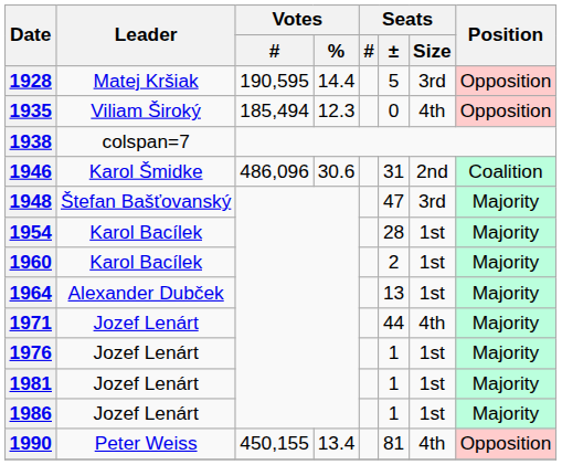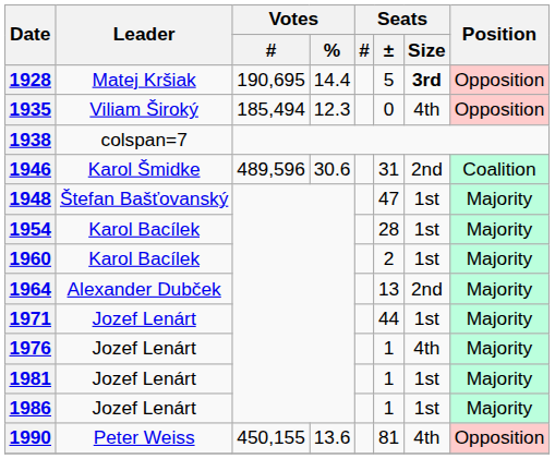 <table class="wikitable" style=text-align:center>
 <tr>
 <th rowspan="2">Date</th>
 <th rowspan="2">Leader</th>
 <th colspan="2">Votes</th>
 <th colspan="3">Seats</th>
 <th rowspan="2">Position</th>
 </tr>
 <tr>
 <th>#</th>
 <th>%</th>
 <th>#</th>
 <th>±</th>
 <th>Size</th>
 </tr>
 <tr>
 <th><a href='#'>1928</a></th>
 <td><a href='#'>Matej Kršiak</a></td>
-<td>190,595</td>
+<td>190,695</td>
 <td>14.4</td>
 <td></td>
 <td> 5</td>
-<td>3rd</td>
+<td><strong>3rd</strong></td>
 <td style="background:#fcc;" align=center>Opposition</td>
 </tr>
 <tr>
 <th><a href='#'>1935</a></th>
 <td><a href='#'>Viliam Široký</a></td>
 <td>185,494</td>
 <td>12.3</td>
 <td></td>
 <td> 0</td>
 <td>4th</td>
 <td style="background:#fcc;" align=center>Opposition</td>
 </tr>
 <tr>
 <th><a href='#'>1938</a></th>
 <td>colspan=7 </td>
 </tr>
 <tr>
 <th><a href='#'>1946</a></th>
 <td><a href='#'>Karol Šmidke</a></td>
-<td>486,096</td>
+<td>489,596</td>
 <td>30.6</td>
 <td></td>
 <td> 31</td>
 <td>2nd</td>
 <td style="background:#bfd;" align=center>Coalition</td>
 </tr>
 <tr>
 <th><a href='#'>1948</a></th>
 <td><a href='#'>Štefan Bašťovanský</a></td>
 <td colspan="2" rowspan="8"></td>
 <td></td>
 <td> 47</td>
-<td>3rd</td>
+<td>1st</td>
 <td style="background:#bfd;" align=center>Majority</td>
 </tr>
 <tr>
 <th><a href='#'>1954</a></th>
 <td><a href='#'>Karol Bacílek</a></td>
 <td></td>
 <td> 28</td>
 <td>1st</td>
 <td style="background:#bfd;" align=center>Majority</td>
 </tr>
 <tr>
 <th><a href='#'>1960</a></th>
 <td><a href='#'>Karol Bacílek</a></td>
 <td></td>
 <td> 2</td>
 <td>1st</td>
 <td style="background:#bfd;" align=center>Majority</td>
 </tr>
 <tr>
 <th><a href='#'>1964</a></th>
 <td><a href='#'>Alexander Dubček</a></td>
 <td></td>
 <td> 13</td>
-<td>1st</td>
+<td>2nd</td>
 <td style="background:#bfd;" align=center>Majority</td>
 </tr>
 <tr>
 <th><a href='#'>1971</a></th>
 <td><a href='#'>Jozef Lenárt</a></td>
 <td></td>
 <td> 44</td>
-<td>4th</td>
+<td>1st</td>
 <td style="background:#bfd;" align=center>Majority</td>
 </tr>
 <tr>
 <th><a href='#'>1976</a></th>
 <td>Jozef Lenárt</td>
 <td></td>
 <td> 1</td>
-<td>1st</td>
+<td>4th</td>
 <td style="background:#bfd;" align=center>Majority</td>
 </tr>
 <tr>
 <th><a href='#'>1981</a></th>
 <td>Jozef Lenárt</td>
 <td></td>
 <td> 1</td>
 <td>1st</td>
 <td style="background:#bfd;" align=center>Majority</td>
 </tr>
 <tr>
 <th><a href='#'>1986</a></th>
 <td>Jozef Lenárt</td>
 <td></td>
 <td> 1</td>
 <td>1st</td>
 <td style="background:#bfd;" align=center>Majority</td>
 </tr>
 <tr>
 <th><a href='#'>1990</a></th>
 <td><a href='#'>Peter Weiss</a></td>
 <td>450,155</td>
-<td>13.4</td>
+<td>13.6</td>
 <td></td>
 <td> 81</td>
 <td>4th</td>
 <td style="background:#fcc;" align=center>Opposition</td>
 </tr>
 <tr>
 </tr>
 </table>
